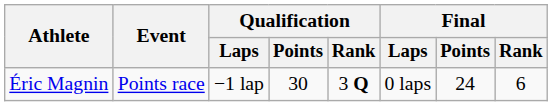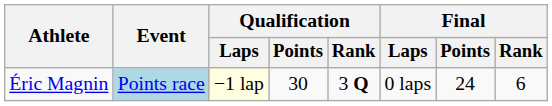 <table class="wikitable" style="font-size:90%">
 <tr>
 <th rowspan=2>Athlete</th>
 <th rowspan=2>Event</th>
 <th colspan=3>Qualification</th>
 <th colspan=3>Final</th>
 </tr>
 <tr style="font-size:95%">
 <th>Laps</th>
 <th>Points</th>
 <th>Rank</th>
 <th>Laps</th>
 <th>Points</th>
 <th>Rank</th>
 </tr>
 <tr align=center>
 <td align=left><a href='#'>Éric Magnin</a></td>
-<td align=left><a href='#'>Points race</a></td>
-<td>−1 lap</td>
+<td align=left style="background: lightblue;"><a href='#'>Points race</a></td>
+<td style="background: lightyellow;">−1 lap</td>
 <td>30</td>
 <td>3 <strong>Q</strong></td>
 <td>0 laps</td>
 <td>24</td>
 <td>6</td>
 </tr>
 </table>
